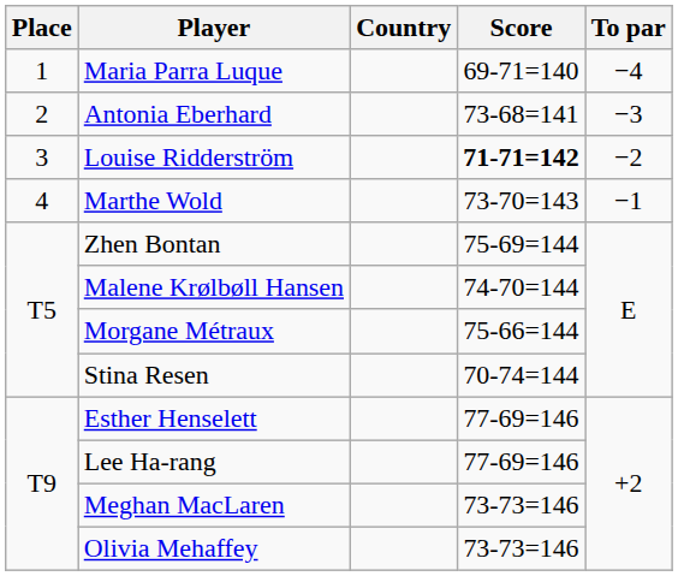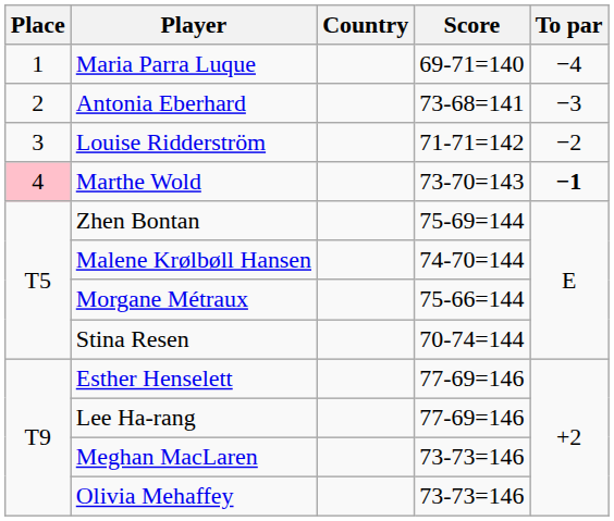 <table class="wikitable" style="font-size:95%;">
 <tr>
 <th>Place</th>
 <th>Player</th>
 <th>Country</th>
 <th>Score</th>
 <th>To par</th>
 </tr>
 <tr>
 <td align=center>1</td>
 <td><a href='#'>Maria Parra Luque</a></td>
 <td></td>
 <td align=center>69-71=140</td>
 <td align=center>−4</td>
 </tr>
 <tr>
 <td align="center">2</td>
 <td><a href='#'>Antonia Eberhard</a></td>
 <td></td>
 <td align=center>73-68=141</td>
 <td align="center">−3</td>
 </tr>
 <tr>
 <td align="center">3</td>
 <td><a href='#'>Louise Ridderström</a></td>
 <td></td>
-<td align="center"><strong>71-71=142</strong></td>
+<td align="center">71-71=142</td>
 <td align="center">−2</td>
 </tr>
 <tr>
-<td align="center">4</td>
+<td align="center" style="background: pink;">4</td>
 <td><a href='#'>Marthe Wold</a></td>
 <td></td>
 <td align="center">73-70=143</td>
-<td align="center">−1</td>
+<td align="center"><strong>−1</strong></td>
 </tr>
 <tr>
 <td rowspan="4" align="center">T5</td>
 <td>Zhen Bontan</td>
 <td></td>
 <td align="center">75-69=144</td>
 <td rowspan="4" align="center">E</td>
 </tr>
 <tr>
 <td><a href='#'>Malene Krølbøll Hansen</a></td>
 <td></td>
 <td align="center">74-70=144</td>
 </tr>
 <tr>
 <td><a href='#'>Morgane Métraux</a></td>
 <td></td>
 <td align="center">75-66=144</td>
 </tr>
 <tr>
 <td>Stina Resen</td>
 <td></td>
 <td align="center">70-74=144</td>
 </tr>
 <tr>
 <td rowspan="4" align=center>T9</td>
 <td><a href='#'>Esther Henselett</a></td>
 <td></td>
 <td align="center">77-69=146</td>
 <td rowspan="4" align=center>+2</td>
 </tr>
 <tr>
 <td>Lee Ha-rang</td>
 <td></td>
 <td align="center">77-69=146</td>
 </tr>
 <tr>
 <td><a href='#'>Meghan MacLaren</a></td>
 <td></td>
 <td align="center">73-73=146</td>
 </tr>
 <tr>
 <td><a href='#'>Olivia Mehaffey</a></td>
 <td></td>
 <td align=center>73-73=146</td>
 </tr>
 </table>
